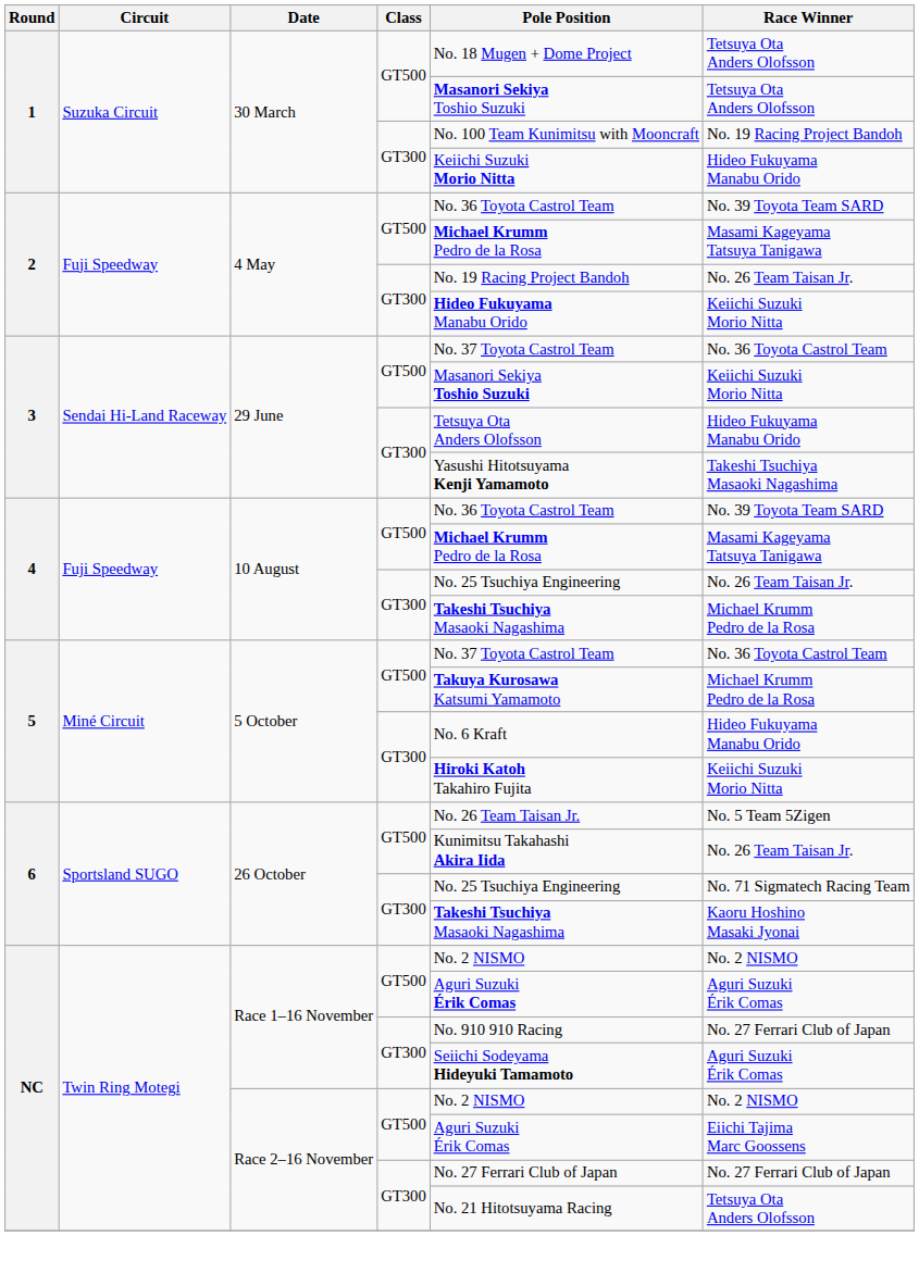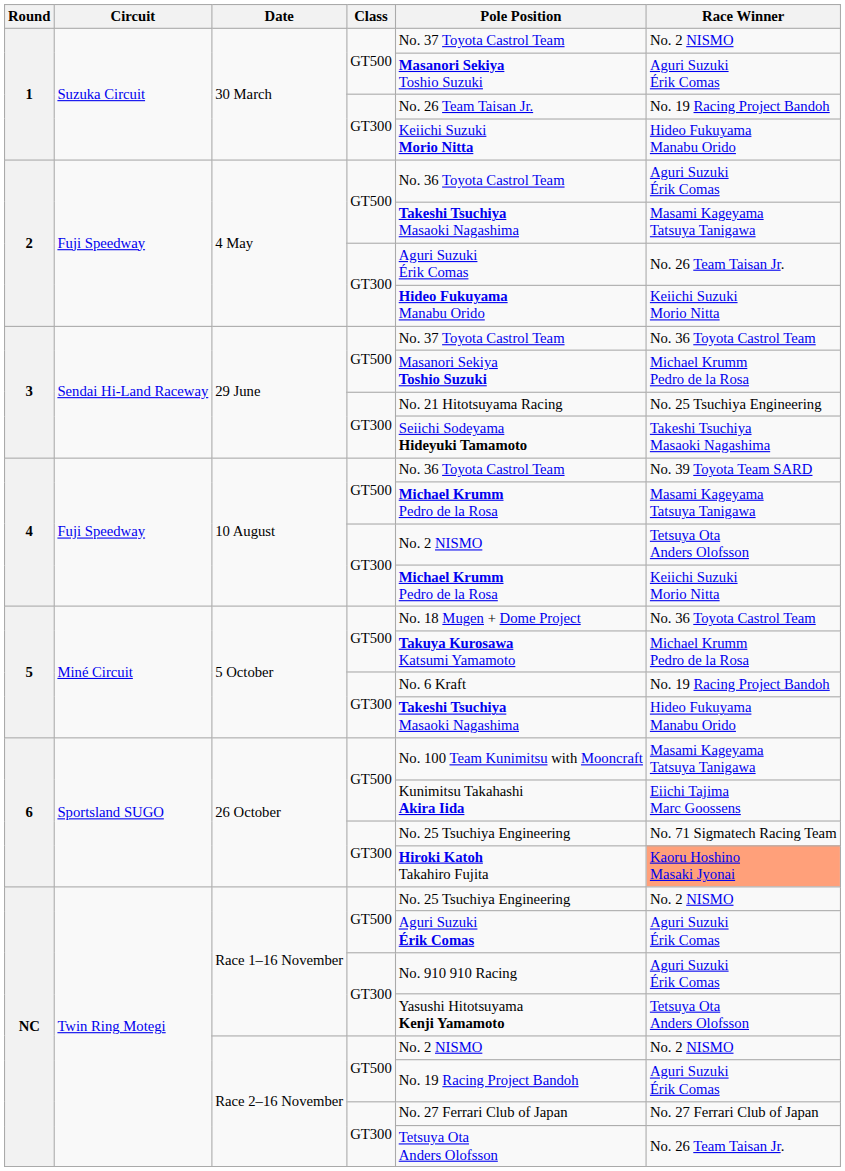 <table class="wikitable" style="font-size: 85%;">
 <tr>
 <th>Round</th>
 <th>Circuit</th>
 <th>Date</th>
 <th>Class</th>
 <th>Pole Position</th>
 <th>Race Winner</th>
 </tr>
 <tr>
 <th rowspan="4">1</th>
 <td rowspan="4"><a href='#'>Suzuka Circuit</a></td>
 <td rowspan="4">30 March</td>
 <td rowspan="2">GT500</td>
-<td>No. 18 <a href='#'>Mugen</a> + <a href='#'>Dome Project</a></td>
-<td> <a href='#'>Tetsuya Ota</a><br> <a href='#'>Anders Olofsson</a></td>
+<td>No. 37 <a href='#'>Toyota Castrol Team</a></td>
+<td>No. 2 <a href='#'>NISMO</a></td>
 </tr>
 <tr>
 <td><strong> <a href='#'>Masanori Sekiya</a></strong><br> <a href='#'>Toshio Suzuki</a></td>
-<td> <a href='#'>Tetsuya Ota</a><br> <a href='#'>Anders Olofsson</a></td>
+<td> <a href='#'>Aguri Suzuki</a><br> <a href='#'>Érik Comas</a></td>
 </tr>
 <tr>
 <td rowspan="2">GT300</td>
-<td>No. 100 <a href='#'>Team Kunimitsu</a> with <a href='#'>Mooncraft</a></td>
+<td>No. 26 <a href='#'>Team Taisan Jr.</a></td>
 <td>No. 19 <a href='#'>Racing Project Bandoh</a></td>
 </tr>
 <tr>
 <td> <a href='#'>Keiichi Suzuki</a><br><strong> <a href='#'>Morio Nitta</a></strong></td>
 <td> <a href='#'>Hideo Fukuyama</a><br> <a href='#'>Manabu Orido</a></td>
 </tr>
 <tr>
 <th rowspan="4">2</th>
 <td rowspan="4"><a href='#'>Fuji Speedway</a></td>
 <td rowspan="4">4 May</td>
 <td rowspan="2">GT500</td>
 <td>No. 36 <a href='#'>Toyota Castrol Team</a></td>
-<td>No. 39 <a href='#'>Toyota Team SARD</a></td>
+<td> <a href='#'>Aguri Suzuki</a><br> <a href='#'>Érik Comas</a></td>
 </tr>
 <tr>
-<td><strong> <a href='#'>Michael Krumm</a></strong><br> <a href='#'>Pedro de la Rosa</a></td>
+<td> <strong><a href='#'>Takeshi Tsuchiya</a></strong><br> <a href='#'>Masaoki Nagashima</a></td>
 <td> <a href='#'>Masami Kageyama</a><br> <a href='#'>Tatsuya Tanigawa</a></td>
 </tr>
 <tr>
 <td rowspan="2">GT300</td>
-<td>No. 19 <a href='#'>Racing Project Bandoh</a></td>
+<td> <a href='#'>Aguri Suzuki</a><br> <a href='#'>Érik Comas</a></td>
 <td>No. 26 <a href='#'>Team Taisan Jr</a>.</td>
 </tr>
 <tr>
 <td><strong> <a href='#'>Hideo Fukuyama</a></strong><br> <a href='#'>Manabu Orido</a></td>
 <td> <a href='#'>Keiichi Suzuki</a><br> <a href='#'>Morio Nitta</a></td>
 </tr>
 <tr>
 <th rowspan="4">3</th>
 <td rowspan="4"><a href='#'>Sendai Hi-Land Raceway</a></td>
 <td rowspan="4">29 June</td>
 <td rowspan="2">GT500</td>
 <td>No. 37 <a href='#'>Toyota Castrol Team</a></td>
 <td>No. 36 <a href='#'>Toyota Castrol Team</a></td>
 </tr>
 <tr>
 <td> <a href='#'>Masanori Sekiya</a><br><strong> <a href='#'>Toshio Suzuki</a></strong></td>
-<td> <a href='#'>Keiichi Suzuki</a><br> <a href='#'>Morio Nitta</a></td>
+<td> <a href='#'>Michael Krumm</a><br> <a href='#'>Pedro de la Rosa</a></td>
 </tr>
 <tr>
 <td rowspan="2">GT300</td>
-<td> <a href='#'>Tetsuya Ota</a><br> <a href='#'>Anders Olofsson</a></td>
-<td> <a href='#'>Hideo Fukuyama</a><br> <a href='#'>Manabu Orido</a></td>
+<td>No. 21 Hitotsuyama Racing</td>
+<td>No. 25 Tsuchiya Engineering</td>
 </tr>
 <tr>
-<td> Yasushi Hitotsuyama<br><strong> Kenji Yamamoto</strong></td>
+<td> <a href='#'>Seiichi Sodeyama</a><br><strong> Hideyuki Tamamoto</strong></td>
 <td> <a href='#'>Takeshi Tsuchiya</a><br> <a href='#'>Masaoki Nagashima</a></td>
 </tr>
 <tr>
 <th rowspan="4">4</th>
 <td rowspan="4"><a href='#'>Fuji Speedway</a></td>
 <td rowspan="4">10 August</td>
 <td rowspan="2">GT500</td>
 <td>No. 36 <a href='#'>Toyota Castrol Team</a></td>
 <td>No. 39 <a href='#'>Toyota Team SARD</a></td>
 </tr>
 <tr>
 <td><strong> <a href='#'>Michael Krumm</a></strong><br> <a href='#'>Pedro de la Rosa</a></td>
 <td> <a href='#'>Masami Kageyama</a><br> <a href='#'>Tatsuya Tanigawa</a></td>
 </tr>
 <tr>
 <td rowspan="2">GT300</td>
-<td>No. 25 Tsuchiya Engineering</td>
-<td>No. 26 <a href='#'>Team Taisan Jr</a>.</td>
+<td>No. 2 <a href='#'>NISMO</a></td>
+<td> <a href='#'>Tetsuya Ota</a><br> <a href='#'>Anders Olofsson</a></td>
 </tr>
 <tr>
-<td> <strong><a href='#'>Takeshi Tsuchiya</a></strong><br> <a href='#'>Masaoki Nagashima</a></td>
-<td> <a href='#'>Michael Krumm</a><br> <a href='#'>Pedro de la Rosa</a></td>
+<td><strong> <a href='#'>Michael Krumm</a></strong><br> <a href='#'>Pedro de la Rosa</a></td>
+<td> <a href='#'>Keiichi Suzuki</a><br> <a href='#'>Morio Nitta</a></td>
 </tr>
 <tr>
 <th rowspan="4">5</th>
 <td rowspan="4"><a href='#'>Miné Circuit</a></td>
 <td rowspan="4">5 October</td>
 <td rowspan="2">GT500</td>
-<td>No. 37 <a href='#'>Toyota Castrol Team</a></td>
+<td>No. 18 <a href='#'>Mugen</a> + <a href='#'>Dome Project</a></td>
 <td>No. 36 <a href='#'>Toyota Castrol Team</a></td>
 </tr>
 <tr>
 <td><strong> <a href='#'>Takuya Kurosawa</a></strong><br> <a href='#'>Katsumi Yamamoto</a></td>
 <td> <a href='#'>Michael Krumm</a><br> <a href='#'>Pedro de la Rosa</a></td>
 </tr>
 <tr>
 <td rowspan="2">GT300</td>
 <td>No. 6 Kraft</td>
-<td> <a href='#'>Hideo Fukuyama</a><br> <a href='#'>Manabu Orido</a></td>
+<td>No. 19 <a href='#'>Racing Project Bandoh</a></td>
 </tr>
 <tr>
-<td><strong> <a href='#'>Hiroki Katoh</a></strong><br> Takahiro Fujita</td>
-<td> <a href='#'>Keiichi Suzuki</a><br> <a href='#'>Morio Nitta</a></td>
+<td> <strong><a href='#'>Takeshi Tsuchiya</a></strong><br> <a href='#'>Masaoki Nagashima</a></td>
+<td> <a href='#'>Hideo Fukuyama</a><br> <a href='#'>Manabu Orido</a></td>
 </tr>
 <tr>
 <th rowspan="4">6</th>
 <td rowspan="4"><a href='#'>Sportsland SUGO</a></td>
 <td rowspan="4">26 October</td>
 <td rowspan="2">GT500</td>
-<td>No. 26 <a href='#'>Team Taisan Jr.</a></td>
-<td>No. 5 Team 5Zigen</td>
+<td>No. 100 <a href='#'>Team Kunimitsu</a> with <a href='#'>Mooncraft</a></td>
+<td> <a href='#'>Masami Kageyama</a><br> <a href='#'>Tatsuya Tanigawa</a></td>
 </tr>
 <tr>
 <td> Kunimitsu Takahashi<br><strong> <a href='#'>Akira Iida</a></strong></td>
-<td>No. 26 <a href='#'>Team Taisan Jr</a>.</td>
+<td> <a href='#'>Eiichi Tajima</a><br> <a href='#'>Marc Goossens</a></td>
 </tr>
 <tr>
 <td rowspan="2">GT300</td>
 <td>No. 25 Tsuchiya Engineering</td>
 <td>No. 71 Sigmatech Racing Team</td>
 </tr>
 <tr>
-<td> <strong><a href='#'>Takeshi Tsuchiya</a></strong><br> <a href='#'>Masaoki Nagashima</a></td>
-<td> <a href='#'>Kaoru Hoshino</a><br> <a href='#'>Masaki Jyonai</a></td>
+<td><strong> <a href='#'>Hiroki Katoh</a></strong><br> Takahiro Fujita</td>
+<td style="background: lightsalmon;"> <a href='#'>Kaoru Hoshino</a><br> <a href='#'>Masaki Jyonai</a></td>
 </tr>
 <tr>
 <th rowspan="8">NC</th>
 <td rowspan="8"><a href='#'>Twin Ring Motegi</a></td>
 <td rowspan="4">Race 1–16 November</td>
 <td rowspan="2">GT500</td>
-<td>No. 2 <a href='#'>NISMO</a></td>
+<td>No. 25 Tsuchiya Engineering</td>
 <td>No. 2 <a href='#'>NISMO</a></td>
 </tr>
 <tr>
 <td> <a href='#'>Aguri Suzuki</a><br><strong> <a href='#'>Érik Comas</a></strong></td>
 <td> <a href='#'>Aguri Suzuki</a><br> <a href='#'>Érik Comas</a></td>
 </tr>
 <tr>
 <td rowspan="2">GT300</td>
 <td>No. 910 910 Racing</td>
-<td>No. 27 Ferrari Club of Japan</td>
+<td> <a href='#'>Aguri Suzuki</a><br> <a href='#'>Érik Comas</a></td>
 </tr>
 <tr>
-<td> <a href='#'>Seiichi Sodeyama</a><br><strong> Hideyuki Tamamoto</strong></td>
-<td> <a href='#'>Aguri Suzuki</a><br> <a href='#'>Érik Comas</a></td>
+<td> Yasushi Hitotsuyama<br><strong> Kenji Yamamoto</strong></td>
+<td> <a href='#'>Tetsuya Ota</a><br> <a href='#'>Anders Olofsson</a></td>
 </tr>
 <tr>
 <td rowspan="4">Race 2–16 November</td>
 <td rowspan="2">GT500</td>
 <td>No. 2 <a href='#'>NISMO</a></td>
 <td>No. 2 <a href='#'>NISMO</a></td>
 </tr>
 <tr>
+<td>No. 19 <a href='#'>Racing Project Bandoh</a></td>
 <td> <a href='#'>Aguri Suzuki</a><br> <a href='#'>Érik Comas</a></td>
-<td> <a href='#'>Eiichi Tajima</a><br> <a href='#'>Marc Goossens</a></td>
 </tr>
 <tr>
 <td rowspan="2">GT300</td>
 <td>No. 27 Ferrari Club of Japan</td>
 <td>No. 27 Ferrari Club of Japan</td>
 </tr>
 <tr>
-<td>No. 21 Hitotsuyama Racing</td>
 <td> <a href='#'>Tetsuya Ota</a><br> <a href='#'>Anders Olofsson</a></td>
+<td>No. 26 <a href='#'>Team Taisan Jr</a>.</td>
 </tr>
 <tr>
 </tr>
 </table>
